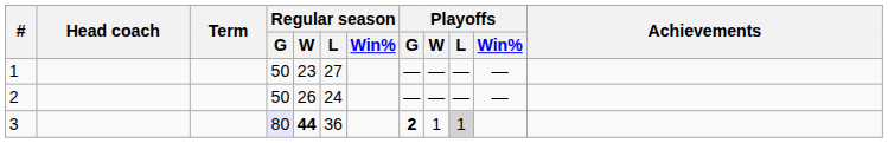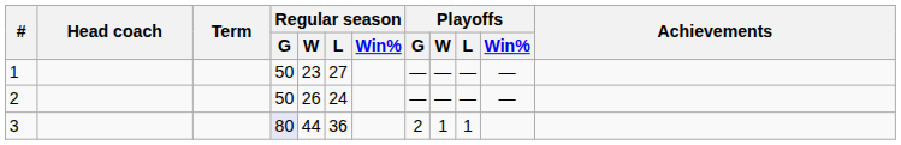 <table class="wikitable sortable" style="font-size:90%; text-align:center">
 <tr>
 <th scope="col" style="width:20px" rowspan="2">#</th>
 <th scope="col" style="width:125px" rowspan="2">Head coach</th>
 <th scope="col" style="width:60px" rowspan="2">Term</th>
 <th scope="col" style="width:80px" colspan="4">Regular season</th>
 <th scope="col" style="width:80px" colspan="4">Playoffs</th>
 <th scope="col" style="width:300px" rowspan="2">Achievements</th>
 </tr>
 <tr>
 <th>G</th>
 <th>W</th>
 <th>L</th>
 <th><a href='#'>Win%</a></th>
 <th>G</th>
 <th>W</th>
 <th>L</th>
 <th><a href='#'>Win%</a></th>
 </tr>
 <tr>
 <td align=left>1</td>
 <td align=left></td>
 <td align=left></td>
 <td>50</td>
 <td>23</td>
 <td>27</td>
 <td></td>
 <td>—</td>
 <td>—</td>
 <td>—</td>
 <td>—</td>
 <td align=left></td>
 </tr>
 <tr>
 <td align=left>2</td>
 <td align=left></td>
 <td align=left></td>
 <td>50</td>
 <td>26</td>
 <td>24</td>
 <td></td>
 <td>—</td>
 <td>—</td>
 <td>—</td>
 <td>—</td>
 <td align=left></td>
 </tr>
 <tr>
 <td align=left>3</td>
 <td align=left></td>
 <td align=left></td>
 <td style="background: lavender;">80</td>
-<td><strong>44</strong></td>
+<td>44</td>
 <td>36</td>
 <td></td>
-<td><strong>2</strong></td>
+<td>2</td>
 <td>1</td>
-<td style="background: lightgrey;">1</td>
+<td>1</td>
 <td></td>
 <td align=left></td>
 </tr>
 </table>
